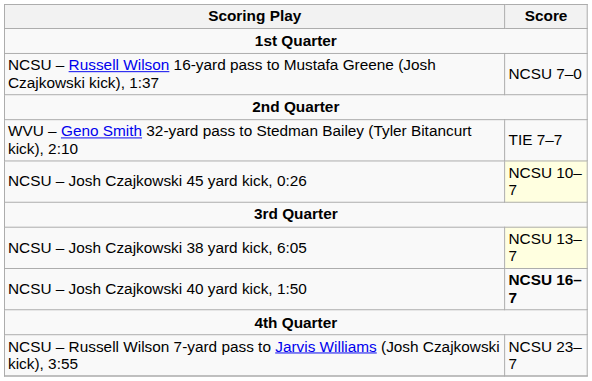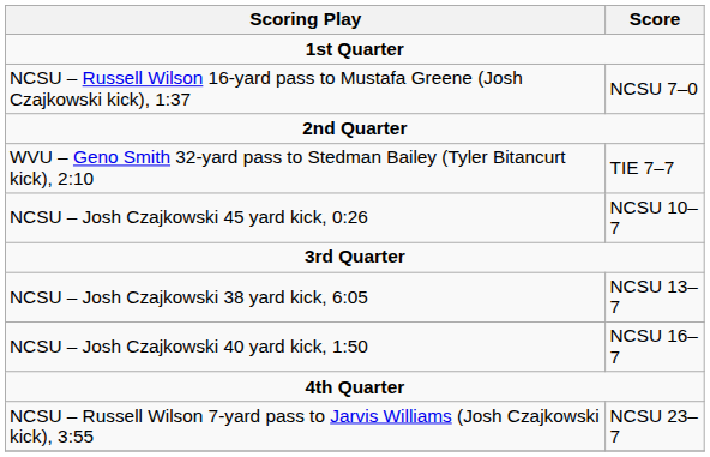 <table class="wikitable">
 <tr>
 <th>Scoring Play</th>
 <th>Score</th>
 </tr>
 <tr>
 <td colspan="4" align="center"><strong>1st Quarter</strong></td>
 </tr>
 <tr>
 <td>NCSU – <a href='#'>Russell Wilson</a> 16-yard pass to Mustafa Greene (Josh Czajkowski kick), 1:37</td>
 <td>NCSU 7–0</td>
 </tr>
 <tr>
 <td colspan="4" align="center"><strong>2nd Quarter</strong></td>
 </tr>
 <tr>
 <td>WVU – <a href='#'>Geno Smith</a> 32-yard pass to Stedman Bailey (Tyler Bitancurt kick), 2:10</td>
 <td>TIE 7–7</td>
 </tr>
 <tr>
 <td>NCSU – Josh Czajkowski 45 yard kick, 0:26</td>
-<td style="background: lightyellow;">NCSU 10–7</td>
+<td>NCSU 10–7</td>
 </tr>
 <tr>
 <td colspan="4" align="center"><strong>3rd Quarter</strong></td>
 </tr>
 <tr>
 <td>NCSU – Josh Czajkowski 38 yard kick, 6:05</td>
-<td style="background: lightyellow;">NCSU 13–7</td>
+<td>NCSU 13–7</td>
 </tr>
 <tr>
 <td>NCSU – Josh Czajkowski 40 yard kick, 1:50</td>
-<td><strong>NCSU 16–7</strong></td>
+<td>NCSU 16–7</td>
 </tr>
 <tr>
 <td colspan="4" align="center"><strong>4th Quarter</strong></td>
 </tr>
 <tr>
 <td>NCSU – Russell Wilson 7-yard pass to <a href='#'>Jarvis Williams</a> (Josh Czajkowski kick), 3:55</td>
 <td>NCSU 23–7</td>
 </tr>
 <tr>
 </tr>
 </table>
